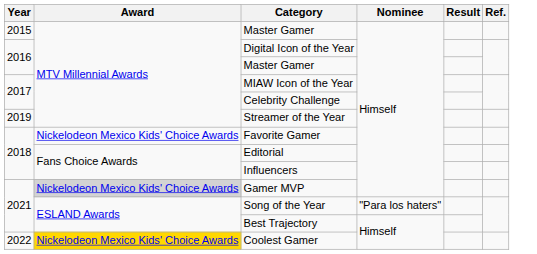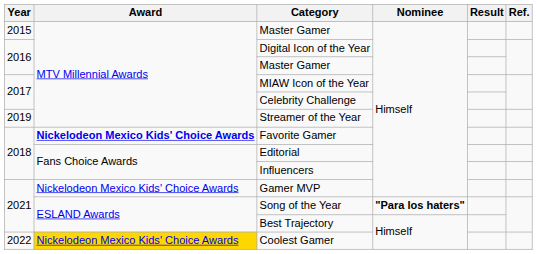 <table class="wikitable">
 <tr>
 <th>Year</th>
 <th>Award</th>
 <th>Category</th>
 <th>Nominee</th>
 <th>Result</th>
 <th>Ref.</th>
 </tr>
 <tr>
 <td>2015</td>
 <td rowspan="6"><a href='#'>MTV Millennial Awards</a></td>
 <td>Master Gamer</td>
 <td rowspan="10">Himself</td>
 <td></td>
 <td align="center"></td>
 </tr>
 <tr>
 <td rowspan="2">2016</td>
 <td>Digital Icon of the Year</td>
 <td></td>
 <td rowspan="2" align="center"></td>
 </tr>
 <tr>
 <td>Master Gamer</td>
 <td></td>
 </tr>
 <tr>
 <td rowspan="2">2017</td>
 <td>MIAW Icon of the Year</td>
 <td></td>
 <td rowspan="2" align="center"></td>
 </tr>
 <tr>
 <td>Celebrity Challenge</td>
 <td></td>
 </tr>
 <tr>
 <td>2019</td>
 <td>Streamer of the Year</td>
 <td></td>
 <td align="center"></td>
 </tr>
 <tr>
 <td rowspan="3">2018</td>
-<td><a href='#'>Nickelodeon Mexico Kids' Choice Awards</a></td>
+<td><strong><a href='#'>Nickelodeon Mexico Kids' Choice Awards</a></strong></td>
 <td>Favorite Gamer</td>
 <td></td>
 <td align="center"></td>
 </tr>
 <tr>
 <td rowspan="2">Fans Choice Awards</td>
 <td>Editorial</td>
 <td></td>
 <td align="center"></td>
 </tr>
 <tr>
 <td>Influencers</td>
 <td></td>
 <td align="center"></td>
 </tr>
 <tr>
 <td rowspan="3">2021</td>
-<td style="background: lightgrey;"><a href='#'>Nickelodeon Mexico Kids' Choice Awards</a></td>
+<td><a href='#'>Nickelodeon Mexico Kids' Choice Awards</a></td>
 <td>Gamer MVP</td>
 <td></td>
 <td align="center"></td>
 </tr>
 <tr>
 <td rowspan="2"><a href='#'>ESLAND Awards</a></td>
 <td>Song of the Year</td>
-<td>"Para los haters" </td>
+<td><strong>"Para los haters" </strong></td>
 <td></td>
 <td rowspan="2" align="center"></td>
 </tr>
 <tr>
 <td>Best Trajectory</td>
 <td rowspan="2">Himself</td>
 <td></td>
 </tr>
 <tr>
 <td>2022</td>
 <td style="background: gold;"><a href='#'>Nickelodeon Mexico Kids' Choice Awards</a></td>
 <td>Coolest Gamer</td>
 <td></td>
 <td align="center"></td>
 </tr>
 </table>
